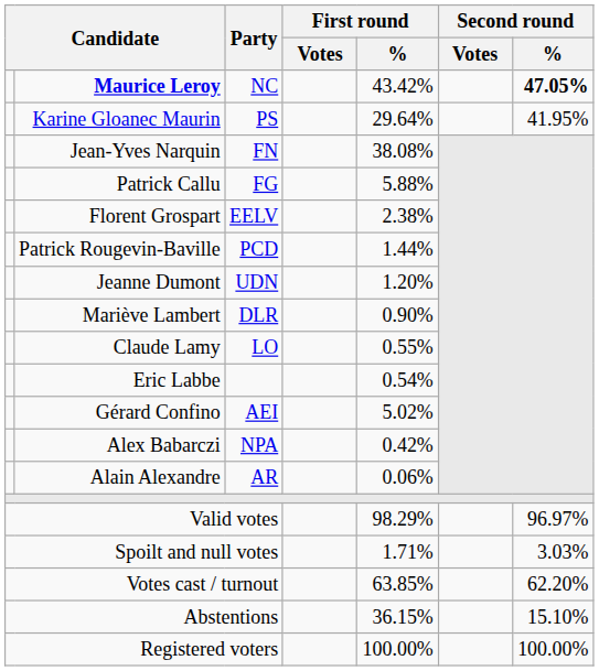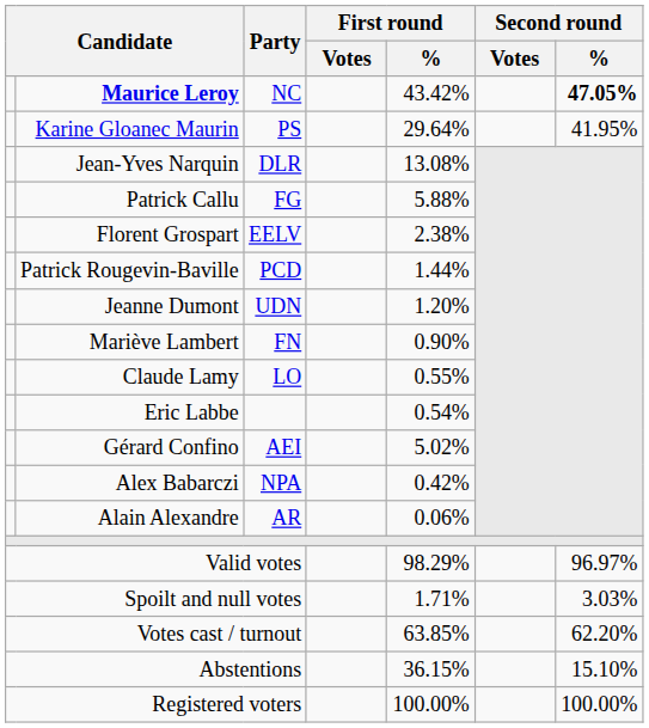 <table class="wikitable" style="text-align:right;font-size:95%;">
 <tr>
 <th rowspan=2 colspan=2>Candidate</th>
 <th rowspan=2 colspan=1>Party</th>
 <th colspan=2>First round</th>
 <th colspan=2>Second round</th>
 </tr>
 <tr>
 <th style="width:50px;">Votes</th>
 <th style="width:55px;">%</th>
 <th style="width:50px;">Votes</th>
 <th style="width:55px;">%</th>
 </tr>
 <tr>
 <td style="color:inherit;background-color:"></td>
 <td><strong><a href='#'>Maurice Leroy</a></strong></td>
 <td><a href='#'>NC</a></td>
 <td></td>
 <td>43.42%</td>
 <td><strong></strong></td>
 <td><strong>47.05%</strong></td>
 </tr>
 <tr>
 <td style="color:inherit;background-color:"></td>
 <td><a href='#'>Karine Gloanec Maurin</a></td>
 <td><a href='#'>PS</a></td>
 <td></td>
 <td>29.64%</td>
 <td></td>
 <td>41.95%</td>
 </tr>
 <tr>
 <td style="color:inherit;background-color:"></td>
 <td>Jean-Yves Narquin</td>
-<td><a href='#'>FN</a></td>
+<td><a href='#'>DLR</a></td>
 <td></td>
-<td>38.08%</td>
+<td>13.08%</td>
 <td colspan=7 rowspan=11 style="background-color:#E9E9E9;"></td>
 </tr>
 <tr>
 <td style="color:inherit;background-color:"></td>
 <td>Patrick Callu</td>
 <td><a href='#'>FG</a></td>
 <td></td>
 <td>5.88%</td>
 </tr>
 <tr>
 <td style="color:inherit;background-color:"></td>
 <td>Florent Grospart</td>
 <td><a href='#'>EELV</a></td>
 <td></td>
 <td>2.38%</td>
 </tr>
 <tr>
 <td style="color:inherit;background-color:"></td>
 <td>Patrick Rougevin-Baville</td>
 <td><a href='#'>PCD</a></td>
 <td></td>
 <td>1.44%</td>
 </tr>
 <tr>
 <td style="color:inherit;background-color:"></td>
 <td>Jeanne Dumont</td>
 <td><a href='#'>UDN</a></td>
 <td></td>
 <td>1.20%</td>
 </tr>
 <tr>
 <td style="color:inherit;background-color:"></td>
 <td>Mariève Lambert</td>
-<td><a href='#'>DLR</a></td>
+<td><a href='#'>FN</a></td>
 <td></td>
 <td>0.90%</td>
 </tr>
 <tr>
 <td style="color:inherit;background-color:"></td>
 <td>Claude Lamy</td>
 <td><a href='#'>LO</a></td>
 <td></td>
 <td>0.55%</td>
 </tr>
 <tr>
 <td style="background-color:;"></td>
 <td>Eric Labbe</td>
 <td></td>
 <td></td>
 <td>0.54%</td>
 </tr>
 <tr>
 <td style="color:inherit;background-color:"></td>
 <td>Gérard Confino</td>
 <td><a href='#'>AEI</a></td>
 <td></td>
 <td>5.02%</td>
 </tr>
 <tr>
 <td style="color:inherit;background-color:"></td>
 <td>Alex Babarczi</td>
 <td><a href='#'>NPA</a></td>
 <td></td>
 <td>0.42%</td>
 </tr>
 <tr>
 <td style="color:inherit;background-color:"></td>
 <td>Alain Alexandre</td>
 <td><a href='#'>AR</a></td>
 <td></td>
 <td>0.06%</td>
 </tr>
 <tr>
 <td colspan=7 style="background-color:#E9E9E9;"></td>
 </tr>
 <tr>
 <td colspan=3>Valid votes</td>
 <td></td>
 <td>98.29%</td>
 <td></td>
 <td>96.97%</td>
 </tr>
 <tr>
 <td colspan=3>Spoilt and null votes</td>
 <td></td>
 <td>1.71%</td>
 <td></td>
 <td>3.03%</td>
 </tr>
 <tr>
 <td colspan=3>Votes cast / turnout</td>
 <td></td>
 <td>63.85%</td>
 <td></td>
 <td>62.20%</td>
 </tr>
 <tr>
 <td colspan=3>Abstentions</td>
 <td></td>
 <td>36.15%</td>
 <td></td>
 <td>15.10%</td>
 </tr>
 <tr>
 <td colspan=3>Registered voters</td>
 <td></td>
 <td>100.00%</td>
 <td></td>
 <td>100.00%</td>
 </tr>
 </table>
